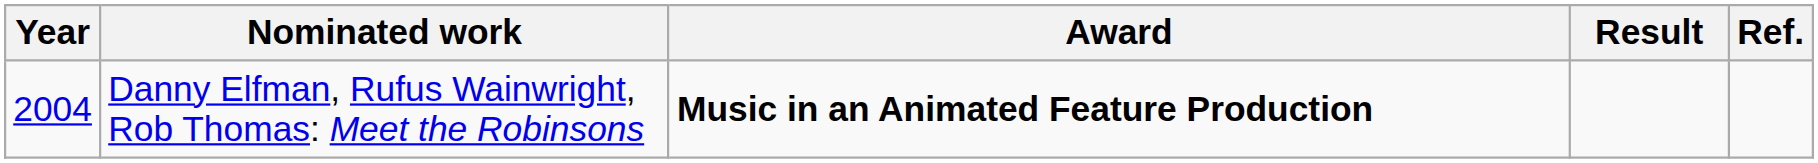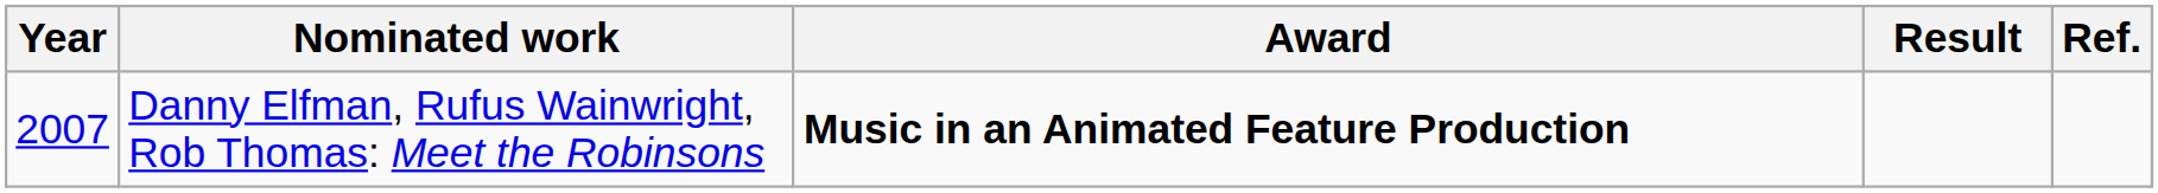 <table class="wikitable">
 <tr>
 <th>Year</th>
 <th width="250">Nominated work</th>
 <th width="400">Award</th>
 <th width="65">Result</th>
 <th>Ref.</th>
 </tr>
 <tr>
-<td align="center"><a href='#'>2004</a></td>
+<td align="center"><a href='#'>2007</a></td>
 <td><a href='#'>Danny Elfman</a>, <a href='#'>Rufus Wainwright</a>,<br><a href='#'>Rob Thomas</a>: <em><a href='#'>Meet the Robinsons</a></em></td>
 <td><strong>Music in an Animated Feature Production</strong></td>
 <td></td>
 <td align="center"></td>
 </tr>
 </table>
